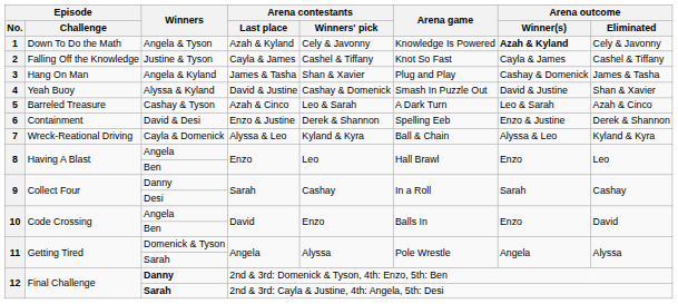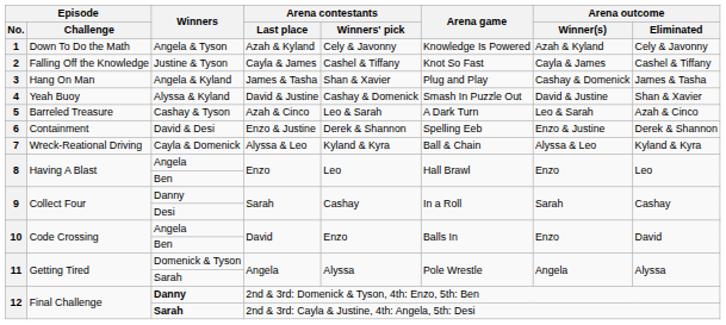 <table class="wikitable" style="font-size:90%; white-space:nowrap">
 <tr>
 <th colspan=2>Episode</th>
 <th rowspan="2">Winners</th>
 <th colspan="2">Arena contestants</th>
 <th rowspan=2>Arena game</th>
 <th colspan="2">Arena outcome</th>
 </tr>
 <tr>
 <th>No.</th>
 <th>Challenge</th>
 <th>Last place</th>
 <th>Winners' pick</th>
 <th>Winner(s)</th>
 <th>Eliminated</th>
 </tr>
 <tr>
 <th>1</th>
 <td>Down To Do the Math</td>
 <td>Angela & Tyson</td>
 <td>Azah & Kyland</td>
 <td>Cely & Javonny</td>
 <td>Knowledge Is Powered</td>
-<td><strong>Azah & Kyland</strong></td>
+<td>Azah & Kyland</td>
 <td>Cely & Javonny</td>
 </tr>
 <tr>
 <th>2</th>
 <td>Falling Off the Knowledge</td>
 <td>Justine & Tyson</td>
 <td>Cayla & James</td>
 <td>Cashel & Tiffany</td>
 <td>Knot So Fast</td>
 <td>Cayla & James</td>
 <td>Cashel & Tiffany</td>
 </tr>
 <tr>
 <th>3</th>
 <td>Hang On Man</td>
 <td>Angela & Kyland</td>
 <td>James & Tasha</td>
 <td>Shan & Xavier</td>
 <td>Plug and Play</td>
 <td>Cashay & Domenick</td>
 <td>James & Tasha</td>
 </tr>
 <tr>
 <th>4</th>
 <td>Yeah Buoy</td>
 <td>Alyssa & Kyland</td>
 <td>David & Justine</td>
 <td>Cashay & Domenick</td>
 <td>Smash In Puzzle Out</td>
 <td>David & Justine</td>
 <td>Shan & Xavier</td>
 </tr>
 <tr>
 <th>5</th>
 <td>Barreled Treasure</td>
 <td>Cashay & Tyson</td>
 <td>Azah & Cinco</td>
 <td>Leo & Sarah</td>
 <td>A Dark Turn</td>
 <td>Leo & Sarah</td>
 <td>Azah & Cinco</td>
 </tr>
 <tr>
 <th>6</th>
 <td>Containment</td>
 <td>David & Desi</td>
 <td>Enzo & Justine</td>
 <td>Derek & Shannon</td>
 <td>Spelling Eeb</td>
 <td>Enzo & Justine</td>
 <td>Derek & Shannon</td>
 </tr>
 <tr>
 <th>7</th>
 <td>Wreck-Reational Driving</td>
 <td>Cayla & Domenick</td>
 <td>Alyssa & Leo</td>
 <td>Kyland & Kyra</td>
 <td>Ball & Chain</td>
 <td>Alyssa & Leo</td>
 <td>Kyland & Kyra</td>
 </tr>
 <tr>
 <th rowspan="2">8</th>
 <td rowspan="2">Having A Blast</td>
 <td>Angela</td>
 <td rowspan="2">Enzo</td>
 <td rowspan="2">Leo</td>
 <td rowspan="2">Hall Brawl</td>
 <td rowspan="2">Enzo</td>
 <td rowspan="2">Leo</td>
 </tr>
 <tr>
 <td>Ben</td>
 </tr>
 <tr>
 <th rowspan="2">9</th>
 <td rowspan="2">Collect Four</td>
 <td>Danny</td>
 <td rowspan="2">Sarah</td>
 <td rowspan="2">Cashay</td>
 <td rowspan="2">In a Roll</td>
 <td rowspan="2">Sarah</td>
 <td rowspan="2">Cashay</td>
 </tr>
 <tr>
 <td>Desi</td>
 </tr>
 <tr>
 <th rowspan="2">10</th>
 <td rowspan="2">Code Crossing</td>
 <td>Angela</td>
 <td rowspan="2">David</td>
 <td rowspan="2">Enzo</td>
 <td rowspan="2">Balls In</td>
 <td rowspan="2">Enzo</td>
 <td rowspan="2">David</td>
 </tr>
 <tr>
 <td>Ben</td>
 </tr>
 <tr>
 <th rowspan="2">11</th>
 <td rowspan="2">Getting Tired</td>
 <td>Domenick & Tyson</td>
 <td rowspan="2">Angela</td>
 <td rowspan="2">Alyssa</td>
 <td rowspan="2">Pole Wrestle</td>
 <td rowspan="2">Angela</td>
 <td rowspan="2">Alyssa</td>
 </tr>
 <tr>
 <td>Sarah</td>
 </tr>
 <tr>
 <th rowspan="2">12</th>
 <td rowspan="2">Final Challenge</td>
 <td><strong>Danny</strong></td>
 <td colspan="5">2nd & 3rd: Domenick & Tyson, 4th: Enzo, 5th: Ben</td>
 </tr>
 <tr>
 <td><strong>Sarah</strong></td>
 <td colspan="5">2nd & 3rd: Cayla & Justine, 4th: Angela, 5th: Desi</td>
 </tr>
 </table>
